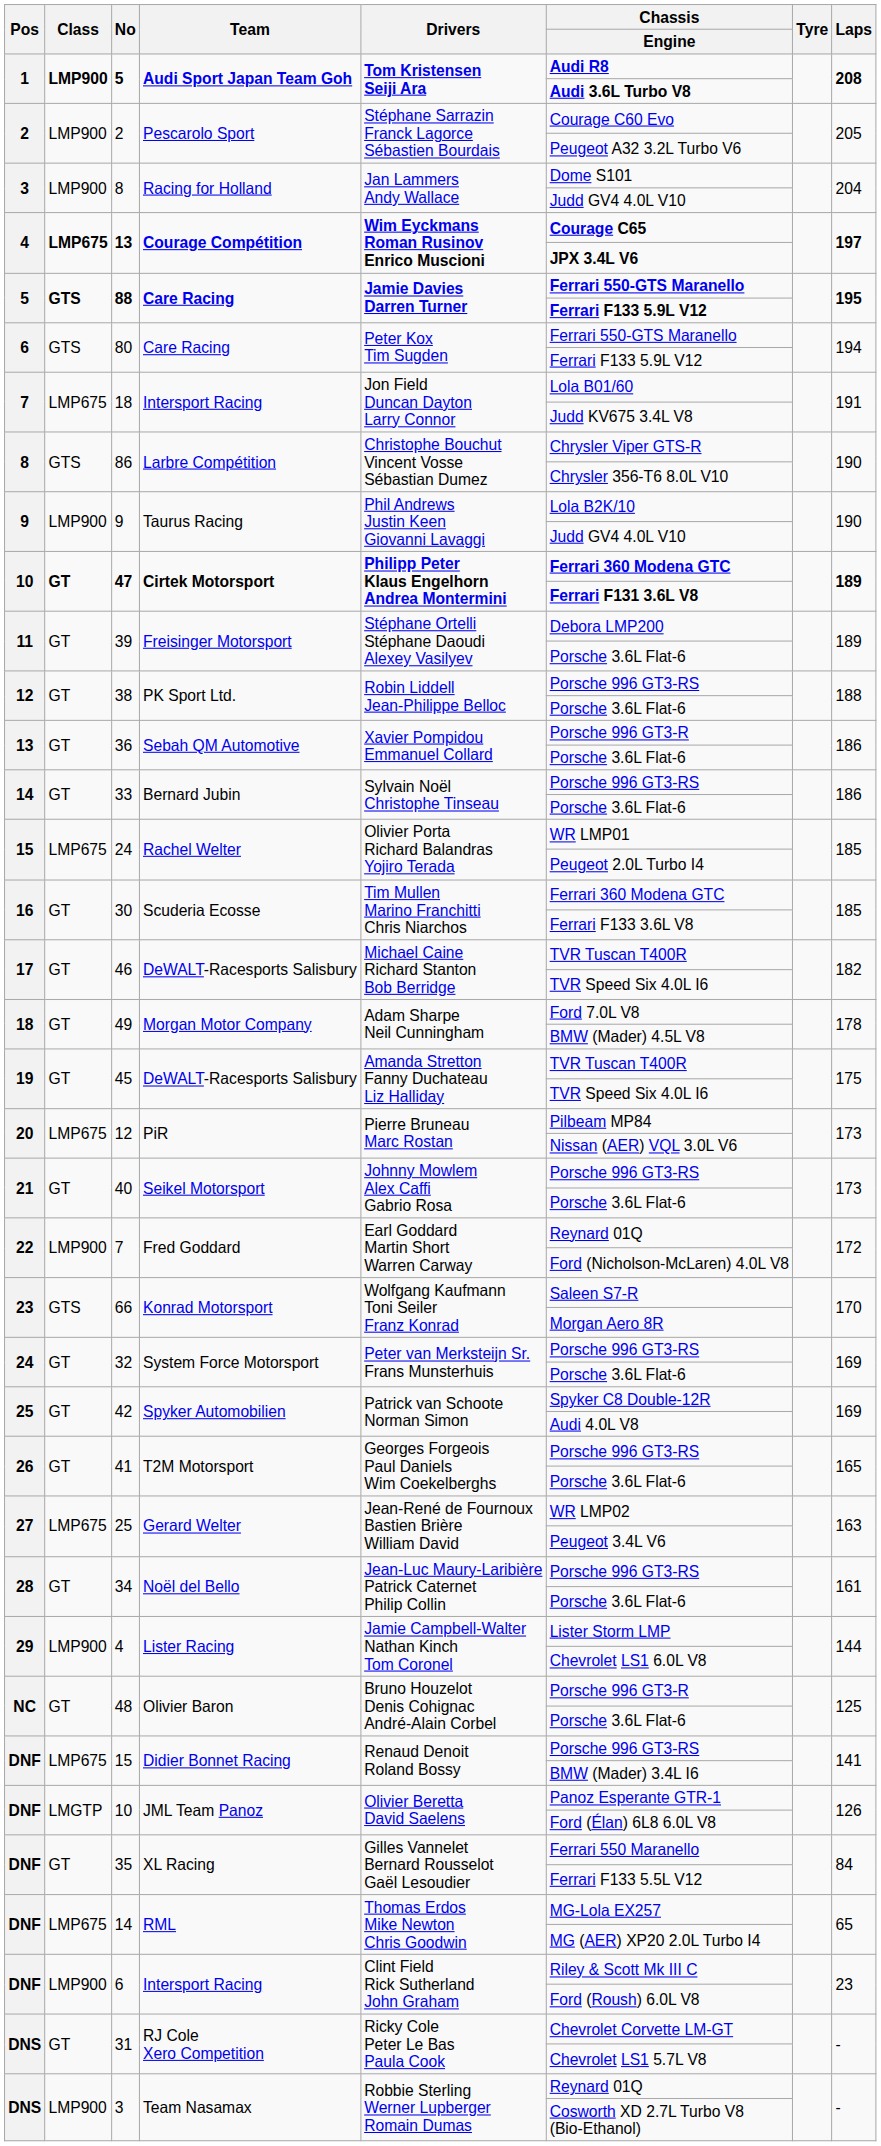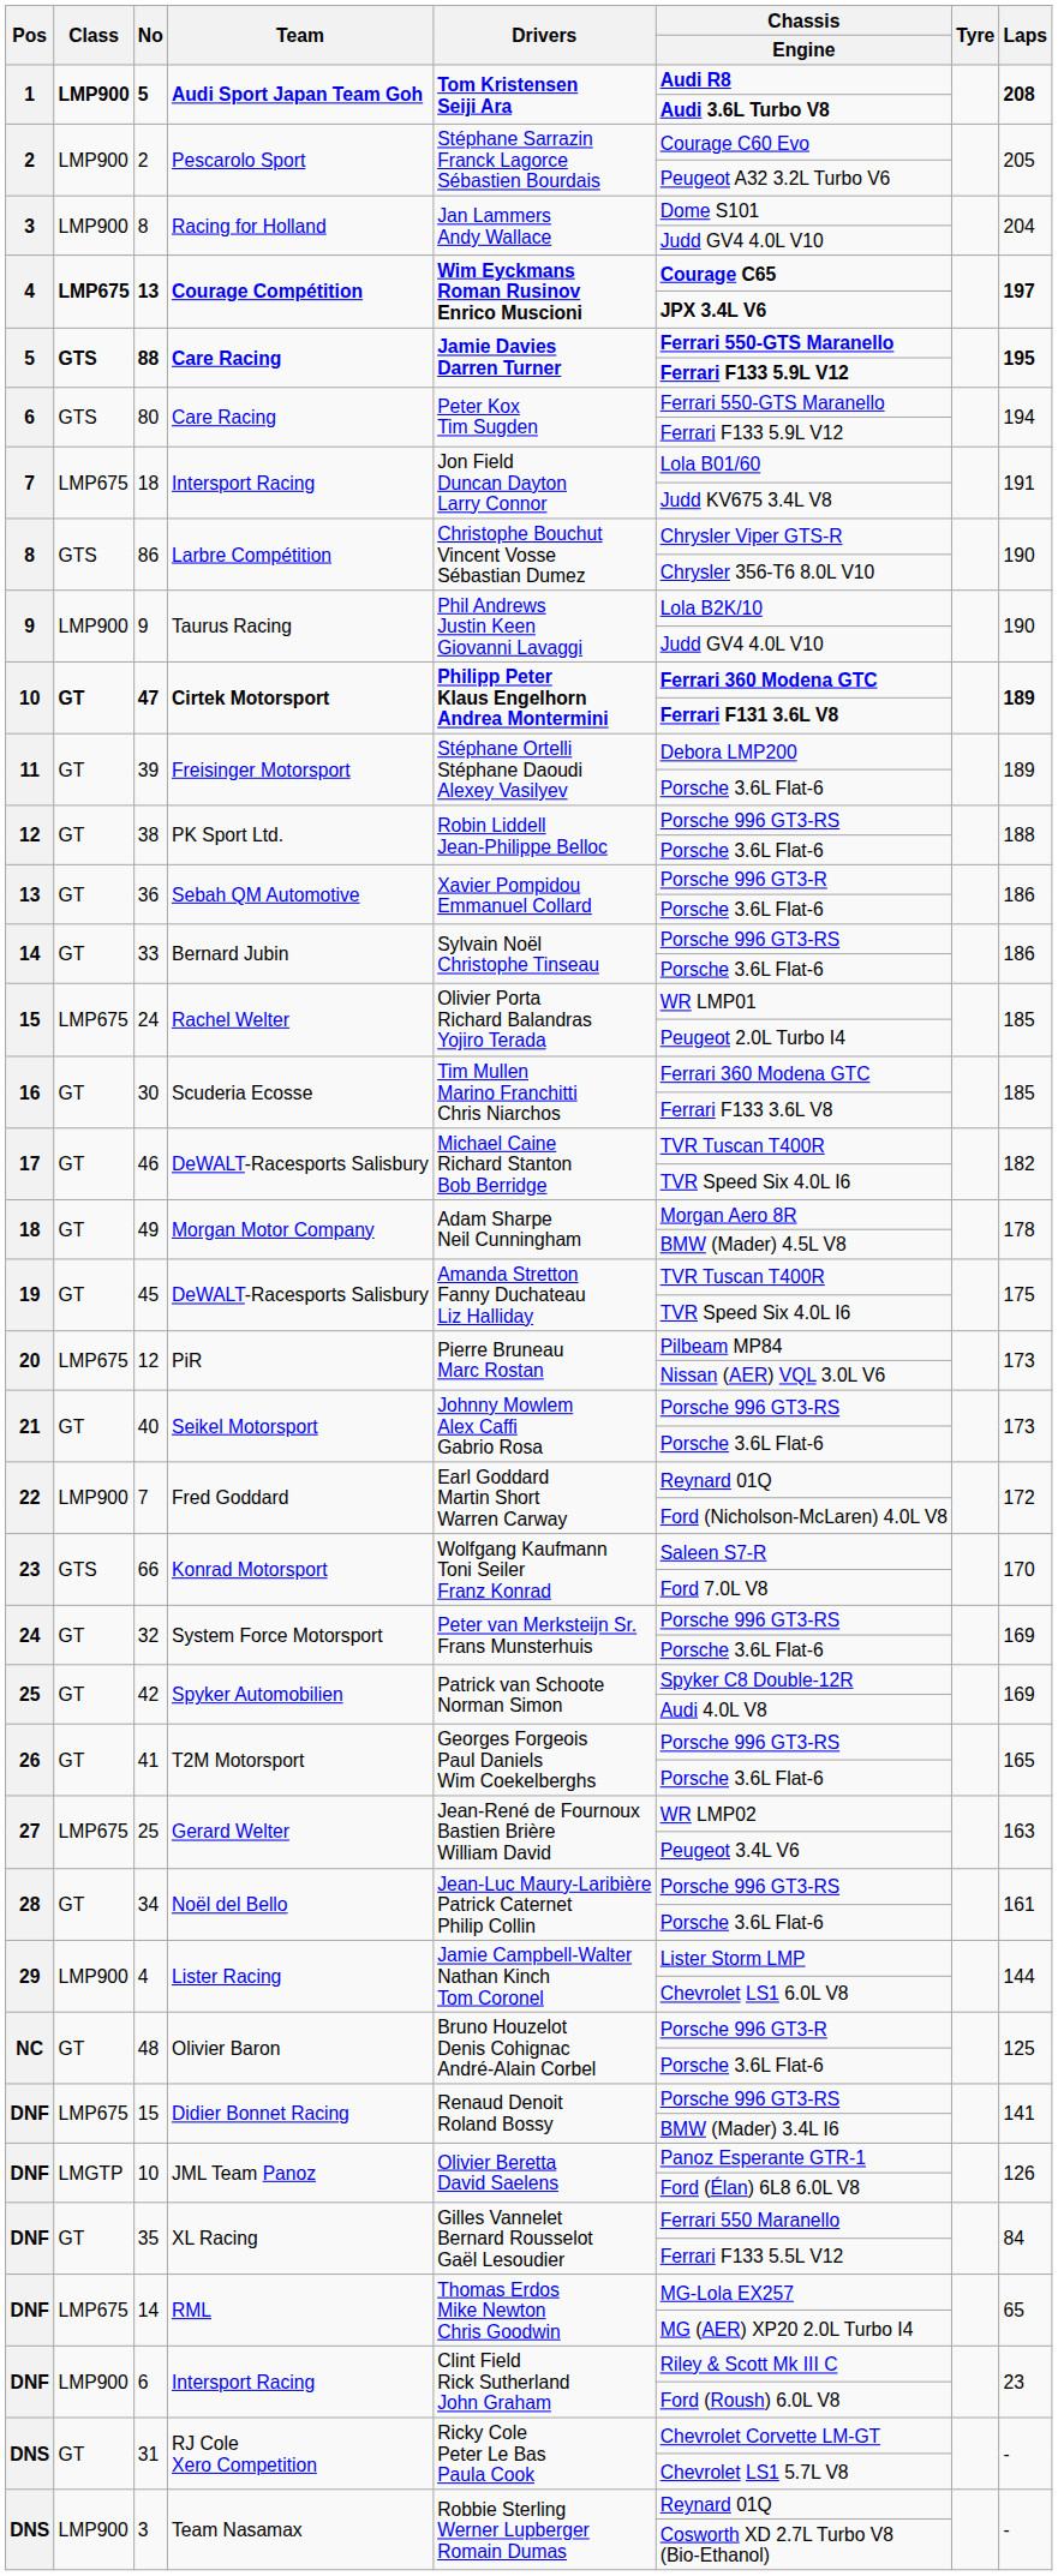 <table class="wikitable" style="font-size: 95%;">
 <tr>
 <th rowspan=2>Pos</th>
 <th rowspan=2>Class</th>
 <th rowspan=2>No</th>
 <th rowspan=2>Team</th>
 <th rowspan=2>Drivers</th>
 <th>Chassis</th>
 <th rowspan=2>Tyre</th>
 <th rowspan=2>Laps</th>
 </tr>
 <tr>
 <th>Engine</th>
 </tr>
 <tr style="font-weight:bold">
 <th rowspan=2>1</th>
 <td rowspan=2>LMP900</td>
 <td rowspan=2>5</td>
 <td rowspan=2> <a href='#'>Audi Sport Japan Team Goh</a></td>
 <td rowspan=2> <a href='#'>Tom Kristensen</a><br> <a href='#'>Seiji Ara</a></td>
 <td><a href='#'>Audi R8</a></td>
 <td rowspan=2></td>
 <td rowspan=2>208</td>
 </tr>
 <tr style="font-weight:bold">
 <td><a href='#'>Audi</a> 3.6L Turbo V8</td>
 </tr>
 <tr>
 <th rowspan=2>2</th>
 <td rowspan=2>LMP900</td>
 <td rowspan=2>2</td>
 <td rowspan=2> <a href='#'>Pescarolo Sport</a></td>
 <td rowspan=2> <a href='#'>Stéphane Sarrazin</a><br> <a href='#'>Franck Lagorce</a><br> <a href='#'>Sébastien Bourdais</a></td>
 <td><a href='#'>Courage C60 Evo</a></td>
 <td rowspan=2></td>
 <td rowspan=2>205</td>
 </tr>
 <tr>
 <td><a href='#'>Peugeot</a> A32 3.2L Turbo V6</td>
 </tr>
 <tr>
 <th rowspan=2>3</th>
 <td rowspan=2>LMP900</td>
 <td rowspan=2>8</td>
 <td rowspan=2> <a href='#'>Racing for Holland</a></td>
 <td rowspan=2> <a href='#'>Jan Lammers</a><br> <a href='#'>Andy Wallace</a></td>
 <td><a href='#'>Dome</a> S101</td>
 <td rowspan=2></td>
 <td rowspan=2>204</td>
 </tr>
 <tr>
 <td><a href='#'>Judd</a> GV4 4.0L V10</td>
 </tr>
 <tr style="font-weight:bold">
 <th rowspan=2>4</th>
 <td rowspan=2>LMP675</td>
 <td rowspan=2>13</td>
 <td rowspan=2> <a href='#'>Courage Compétition</a></td>
 <td rowspan=2> <a href='#'>Wim Eyckmans</a><br> <a href='#'>Roman Rusinov</a><br> Enrico Muscioni</td>
 <td><a href='#'>Courage</a> C65</td>
 <td rowspan=2></td>
 <td rowspan=2>197</td>
 </tr>
 <tr style="font-weight:bold">
 <td>JPX 3.4L V6</td>
 </tr>
 <tr style="font-weight:bold">
 <th rowspan=2>5</th>
 <td rowspan=2>GTS</td>
 <td rowspan=2>88</td>
 <td rowspan=2> <a href='#'>Care Racing</a></td>
 <td rowspan=2> <a href='#'>Jamie Davies</a><br> <a href='#'>Darren Turner</a></td>
 <td><a href='#'>Ferrari 550-GTS Maranello</a></td>
 <td rowspan=2></td>
 <td rowspan=2>195</td>
 </tr>
 <tr style="font-weight:bold">
 <td><a href='#'>Ferrari</a> F133 5.9L V12</td>
 </tr>
 <tr>
 <th rowspan=2>6</th>
 <td rowspan=2>GTS</td>
 <td rowspan=2>80</td>
 <td rowspan=2> <a href='#'>Care Racing</a></td>
 <td rowspan=2> <a href='#'>Peter Kox</a><br> <a href='#'>Tim Sugden</a></td>
 <td><a href='#'>Ferrari 550-GTS Maranello</a></td>
 <td rowspan=2></td>
 <td rowspan=2>194</td>
 </tr>
 <tr>
 <td><a href='#'>Ferrari</a> F133 5.9L V12</td>
 </tr>
 <tr>
 <th rowspan=2>7</th>
 <td rowspan=2>LMP675</td>
 <td rowspan=2>18</td>
 <td rowspan=2> <a href='#'>Intersport Racing</a></td>
 <td rowspan=2> Jon Field<br> <a href='#'>Duncan Dayton</a><br> <a href='#'>Larry Connor</a></td>
 <td><a href='#'>Lola B01/60</a></td>
 <td rowspan=2></td>
 <td rowspan=2>191</td>
 </tr>
 <tr>
 <td><a href='#'>Judd</a> KV675 3.4L V8</td>
 </tr>
 <tr>
 <th rowspan=2>8</th>
 <td rowspan=2>GTS</td>
 <td rowspan=2>86</td>
 <td rowspan=2> <a href='#'>Larbre Compétition</a></td>
 <td rowspan=2> <a href='#'>Christophe Bouchut</a><br> Vincent Vosse<br> Sébastian Dumez</td>
 <td><a href='#'>Chrysler Viper GTS-R</a></td>
 <td rowspan=2></td>
 <td rowspan=2>190</td>
 </tr>
 <tr>
 <td><a href='#'>Chrysler</a> 356-T6 8.0L V10</td>
 </tr>
 <tr>
 <th rowspan=2>9</th>
 <td rowspan=2>LMP900</td>
 <td rowspan=2>9</td>
 <td rowspan=2> Taurus Racing</td>
 <td rowspan=2> <a href='#'>Phil Andrews</a><br> <a href='#'>Justin Keen</a><br> <a href='#'>Giovanni Lavaggi</a></td>
 <td><a href='#'>Lola B2K/10</a></td>
 <td rowspan=2></td>
 <td rowspan=2>190</td>
 </tr>
 <tr>
 <td><a href='#'>Judd</a> GV4 4.0L V10</td>
 </tr>
 <tr style="font-weight:bold">
 <th rowspan=2>10</th>
 <td rowspan=2>GT</td>
 <td rowspan=2>47</td>
 <td rowspan=2> Cirtek Motorsport</td>
 <td rowspan=2> <a href='#'>Philipp Peter</a><br> Klaus Engelhorn<br> <a href='#'>Andrea Montermini</a></td>
 <td><a href='#'>Ferrari 360 Modena GTC</a></td>
 <td rowspan=2></td>
 <td rowspan=2>189</td>
 </tr>
 <tr style="font-weight:bold">
 <td><a href='#'>Ferrari</a> F131 3.6L V8</td>
 </tr>
 <tr>
 <th rowspan=2>11</th>
 <td rowspan=2>GT</td>
 <td rowspan=2>39</td>
 <td rowspan=2> <a href='#'>Freisinger Motorsport</a></td>
 <td rowspan=2> <a href='#'>Stéphane Ortelli</a><br> Stéphane Daoudi<br> <a href='#'>Alexey Vasilyev</a></td>
 <td><a href='#'>Debora LMP200</a></td>
 <td rowspan=2></td>
 <td rowspan=2>189</td>
 </tr>
 <tr>
 <td><a href='#'>Porsche</a> 3.6L Flat-6</td>
 </tr>
 <tr>
 <th rowspan=2>12</th>
 <td rowspan=2>GT</td>
 <td rowspan=2>38</td>
 <td rowspan=2> PK Sport Ltd.</td>
 <td rowspan=2> <a href='#'>Robin Liddell</a><br> <a href='#'>Jean-Philippe Belloc</a></td>
 <td><a href='#'>Porsche 996 GT3-RS</a></td>
 <td rowspan=2></td>
 <td rowspan=2>188</td>
 </tr>
 <tr>
 <td><a href='#'>Porsche</a> 3.6L Flat-6</td>
 </tr>
 <tr>
 <th rowspan=2>13</th>
 <td rowspan=2>GT</td>
 <td rowspan=2>36</td>
 <td rowspan=2> <a href='#'>Sebah QM Automotive</a></td>
 <td rowspan=2> <a href='#'>Xavier Pompidou</a><br> <a href='#'>Emmanuel Collard</a></td>
 <td><a href='#'>Porsche 996 GT3-R</a></td>
 <td rowspan=2></td>
 <td rowspan=2>186</td>
 </tr>
 <tr>
 <td><a href='#'>Porsche</a> 3.6L Flat-6</td>
 </tr>
 <tr>
 <th rowspan=2>14</th>
 <td rowspan=2>GT</td>
 <td rowspan=2>33</td>
 <td rowspan=2> Bernard Jubin</td>
 <td rowspan=2> Sylvain Noël<br> <a href='#'>Christophe Tinseau</a></td>
 <td><a href='#'>Porsche 996 GT3-RS</a></td>
 <td rowspan=2></td>
 <td rowspan=2>186</td>
 </tr>
 <tr>
 <td><a href='#'>Porsche</a> 3.6L Flat-6</td>
 </tr>
 <tr>
 <th rowspan=2>15</th>
 <td rowspan=2>LMP675</td>
 <td rowspan=2>24</td>
 <td rowspan=2> <a href='#'>Rachel Welter</a></td>
 <td rowspan=2> Olivier Porta<br> Richard Balandras<br> <a href='#'>Yojiro Terada</a></td>
 <td><a href='#'>WR</a> LMP01</td>
 <td rowspan=2></td>
 <td rowspan=2>185</td>
 </tr>
 <tr>
 <td><a href='#'>Peugeot</a> 2.0L Turbo I4</td>
 </tr>
 <tr>
 <th rowspan=2>16</th>
 <td rowspan=2>GT</td>
 <td rowspan=2>30</td>
 <td rowspan=2> Scuderia Ecosse</td>
 <td rowspan=2> <a href='#'>Tim Mullen</a><br> <a href='#'>Marino Franchitti</a><br> Chris Niarchos</td>
 <td><a href='#'>Ferrari 360 Modena GTC</a></td>
 <td rowspan=2></td>
 <td rowspan=2>185</td>
 </tr>
 <tr>
 <td><a href='#'>Ferrari</a> F133 3.6L V8</td>
 </tr>
 <tr>
 <th rowspan=2>17</th>
 <td rowspan=2>GT</td>
 <td rowspan=2>46</td>
 <td rowspan=2> <a href='#'>DeWALT</a>-Racesports Salisbury</td>
 <td rowspan=2> <a href='#'>Michael Caine</a><br> Richard Stanton<br> <a href='#'>Bob Berridge</a></td>
 <td><a href='#'>TVR Tuscan T400R</a></td>
 <td rowspan=2></td>
 <td rowspan=2>182</td>
 </tr>
 <tr>
 <td><a href='#'>TVR</a> Speed Six 4.0L I6</td>
 </tr>
 <tr>
 <th rowspan=2>18</th>
 <td rowspan=2>GT</td>
 <td rowspan=2>49</td>
 <td rowspan=2> <a href='#'>Morgan Motor Company</a></td>
 <td rowspan=2> Adam Sharpe<br> Neil Cunningham</td>
-<td><a href='#'>Ford</a> 7.0L V8</td>
+<td><a href='#'>Morgan Aero 8R</a></td>
 <td rowspan=2></td>
 <td rowspan=2>178</td>
 </tr>
 <tr>
 <td><a href='#'>BMW</a> (Mader) 4.5L V8</td>
 </tr>
 <tr>
 <th rowspan=2>19</th>
 <td rowspan=2>GT</td>
 <td rowspan=2>45</td>
 <td rowspan=2> <a href='#'>DeWALT</a>-Racesports Salisbury</td>
 <td rowspan=2> <a href='#'>Amanda Stretton</a><br> Fanny Duchateau<br> <a href='#'>Liz Halliday</a></td>
 <td><a href='#'>TVR Tuscan T400R</a></td>
 <td rowspan=2></td>
 <td rowspan=2>175</td>
 </tr>
 <tr>
 <td><a href='#'>TVR</a> Speed Six 4.0L I6</td>
 </tr>
 <tr>
 <th rowspan=2>20</th>
 <td rowspan=2>LMP675</td>
 <td rowspan=2>12</td>
 <td rowspan=2> PiR</td>
 <td rowspan=2> Pierre Bruneau<br> <a href='#'>Marc Rostan</a></td>
 <td><a href='#'>Pilbeam</a> MP84</td>
 <td rowspan=2></td>
 <td rowspan=2>173</td>
 </tr>
 <tr>
 <td><a href='#'>Nissan</a> (<a href='#'>AER</a>) <a href='#'>VQL</a> 3.0L V6</td>
 </tr>
 <tr>
 <th rowspan=2>21</th>
 <td rowspan=2>GT</td>
 <td rowspan=2>40</td>
 <td rowspan=2> <a href='#'>Seikel Motorsport</a></td>
 <td rowspan=2> <a href='#'>Johnny Mowlem</a><br> <a href='#'>Alex Caffi</a><br> Gabrio Rosa</td>
 <td><a href='#'>Porsche 996 GT3-RS</a></td>
 <td rowspan=2></td>
 <td rowspan=2>173</td>
 </tr>
 <tr>
 <td><a href='#'>Porsche</a> 3.6L Flat-6</td>
 </tr>
 <tr>
 <th rowspan=2>22</th>
 <td rowspan=2>LMP900</td>
 <td rowspan=2>7</td>
 <td rowspan=2> Fred Goddard</td>
 <td rowspan=2> Earl Goddard<br> Martin Short<br> Warren Carway</td>
 <td><a href='#'>Reynard</a> 01Q</td>
 <td rowspan=2></td>
 <td rowspan=2>172</td>
 </tr>
 <tr>
 <td><a href='#'>Ford</a> (Nicholson-McLaren) 4.0L V8</td>
 </tr>
 <tr>
 <th rowspan=2>23</th>
 <td rowspan=2>GTS</td>
 <td rowspan=2>66</td>
 <td rowspan=2> <a href='#'>Konrad Motorsport</a></td>
 <td rowspan=2> Wolfgang Kaufmann<br> Toni Seiler<br> <a href='#'>Franz Konrad</a></td>
 <td><a href='#'>Saleen S7-R</a></td>
 <td rowspan=2></td>
 <td rowspan=2>170</td>
 </tr>
 <tr>
-<td><a href='#'>Morgan Aero 8R</a></td>
+<td><a href='#'>Ford</a> 7.0L V8</td>
 </tr>
 <tr>
 <th rowspan=2>24</th>
 <td rowspan=2>GT</td>
 <td rowspan=2>32</td>
 <td rowspan=2> System Force Motorsport</td>
 <td rowspan=2> <a href='#'>Peter van Merksteijn Sr.</a><br> Frans Munsterhuis</td>
 <td><a href='#'>Porsche 996 GT3-RS</a></td>
 <td rowspan=2></td>
 <td rowspan=2>169</td>
 </tr>
 <tr>
 <td><a href='#'>Porsche</a> 3.6L Flat-6</td>
 </tr>
 <tr>
 <th rowspan=2>25</th>
 <td rowspan=2>GT</td>
 <td rowspan=2>42</td>
 <td rowspan=2> <a href='#'>Spyker Automobilien</a></td>
 <td rowspan=2> Patrick van Schoote<br> Norman Simon</td>
 <td><a href='#'>Spyker C8 Double-12R</a></td>
 <td rowspan=2></td>
 <td rowspan=2>169</td>
 </tr>
 <tr>
 <td><a href='#'>Audi</a> 4.0L V8</td>
 </tr>
 <tr>
 <th rowspan=2>26</th>
 <td rowspan=2>GT</td>
 <td rowspan=2>41</td>
 <td rowspan=2> T2M Motorsport</td>
 <td rowspan=2> Georges Forgeois<br> Paul Daniels<br> Wim Coekelberghs</td>
 <td><a href='#'>Porsche 996 GT3-RS</a></td>
 <td rowspan=2></td>
 <td rowspan=2>165</td>
 </tr>
 <tr>
 <td><a href='#'>Porsche</a> 3.6L Flat-6</td>
 </tr>
 <tr>
 <th rowspan=2>27</th>
 <td rowspan=2>LMP675</td>
 <td rowspan=2>25</td>
 <td rowspan=2> <a href='#'>Gerard Welter</a></td>
 <td rowspan=2> Jean-René de Fournoux<br> Bastien Brière<br> William David</td>
 <td><a href='#'>WR</a> LMP02</td>
 <td rowspan=2></td>
 <td rowspan=2>163</td>
 </tr>
 <tr>
 <td><a href='#'>Peugeot</a> 3.4L V6</td>
 </tr>
 <tr>
 <th rowspan=2>28</th>
 <td rowspan=2>GT</td>
 <td rowspan=2>34</td>
 <td rowspan=2> <a href='#'>Noël del Bello</a></td>
 <td rowspan=2> <a href='#'>Jean-Luc Maury-Laribière</a><br> Patrick Caternet<br> Philip Collin</td>
 <td><a href='#'>Porsche 996 GT3-RS</a></td>
 <td rowspan=2></td>
 <td rowspan=2>161</td>
 </tr>
 <tr>
 <td><a href='#'>Porsche</a> 3.6L Flat-6</td>
 </tr>
 <tr>
 <th rowspan=2>29</th>
 <td rowspan=2>LMP900</td>
 <td rowspan=2>4</td>
 <td rowspan=2> <a href='#'>Lister Racing</a></td>
 <td rowspan=2> <a href='#'>Jamie Campbell-Walter</a><br> Nathan Kinch<br> <a href='#'>Tom Coronel</a></td>
 <td><a href='#'>Lister Storm LMP</a></td>
 <td rowspan=2></td>
 <td rowspan=2>144</td>
 </tr>
 <tr>
 <td><a href='#'>Chevrolet</a> <a href='#'>LS1</a> 6.0L V8</td>
 </tr>
 <tr>
 <th rowspan=2>NC</th>
 <td rowspan=2>GT</td>
 <td rowspan=2>48</td>
 <td rowspan=2> Olivier Baron</td>
 <td rowspan=2> Bruno Houzelot<br> Denis Cohignac<br> André-Alain Corbel</td>
 <td><a href='#'>Porsche 996 GT3-R</a></td>
 <td rowspan=2></td>
 <td rowspan=2>125</td>
 </tr>
 <tr>
 <td><a href='#'>Porsche</a> 3.6L Flat-6</td>
 </tr>
 <tr>
 <th rowspan=2>DNF</th>
 <td rowspan=2>LMP675</td>
 <td rowspan=2>15</td>
 <td rowspan=2> <a href='#'>Didier Bonnet Racing</a></td>
 <td rowspan=2> Renaud Denoit<br> Roland Bossy</td>
 <td><a href='#'>Porsche 996 GT3-RS</a></td>
 <td rowspan=2></td>
 <td rowspan=2>141</td>
 </tr>
 <tr>
 <td><a href='#'>BMW</a> (Mader) 3.4L I6</td>
 </tr>
 <tr>
 <th rowspan=2>DNF</th>
 <td rowspan=2>LMGTP</td>
 <td rowspan=2>10</td>
 <td rowspan=2> JML Team <a href='#'>Panoz</a></td>
 <td rowspan=2> <a href='#'>Olivier Beretta</a><br> <a href='#'>David Saelens</a></td>
 <td><a href='#'>Panoz Esperante GTR-1</a></td>
 <td rowspan=2></td>
 <td rowspan=2>126</td>
 </tr>
 <tr>
 <td><a href='#'>Ford</a> (<a href='#'>Élan</a>) 6L8 6.0L V8</td>
 </tr>
 <tr>
 <th rowspan=2>DNF</th>
 <td rowspan=2>GT</td>
 <td rowspan=2>35</td>
 <td rowspan=2> XL Racing</td>
 <td rowspan=2> Gilles Vannelet<br> Bernard Rousselot<br> Gaël Lesoudier</td>
 <td><a href='#'>Ferrari 550 Maranello</a></td>
 <td rowspan=2></td>
 <td rowspan=2>84</td>
 </tr>
 <tr>
 <td><a href='#'>Ferrari</a> F133 5.5L V12</td>
 </tr>
 <tr>
 <th rowspan=2>DNF</th>
 <td rowspan=2>LMP675</td>
 <td rowspan=2>14</td>
 <td rowspan=2> <a href='#'>RML</a></td>
 <td rowspan=2> <a href='#'>Thomas Erdos</a><br> <a href='#'>Mike Newton</a><br> <a href='#'>Chris Goodwin</a></td>
 <td><a href='#'>MG-Lola EX257</a></td>
 <td rowspan=2></td>
 <td rowspan=2>65</td>
 </tr>
 <tr>
 <td><a href='#'>MG</a> (<a href='#'>AER</a>) XP20 2.0L Turbo I4</td>
 </tr>
 <tr>
 <th rowspan=2>DNF</th>
 <td rowspan=2>LMP900</td>
 <td rowspan=2>6</td>
 <td rowspan=2> <a href='#'>Intersport Racing</a></td>
 <td rowspan=2> Clint Field<br> Rick Sutherland<br> <a href='#'>John Graham</a></td>
 <td><a href='#'>Riley & Scott Mk III C</a></td>
 <td rowspan=2></td>
 <td rowspan=2>23</td>
 </tr>
 <tr>
 <td><a href='#'>Ford</a> (<a href='#'>Roush</a>) 6.0L V8</td>
 </tr>
 <tr>
 <th rowspan=2>DNS</th>
 <td rowspan=2>GT</td>
 <td rowspan=2>31</td>
 <td rowspan=2> RJ Cole<br> <a href='#'>Xero Competition</a></td>
 <td rowspan=2> Ricky Cole<br> Peter Le Bas<br> <a href='#'>Paula Cook</a></td>
 <td><a href='#'>Chevrolet Corvette LM-GT</a></td>
 <td rowspan=2></td>
 <td rowspan=2>-</td>
 </tr>
 <tr>
 <td><a href='#'>Chevrolet</a> <a href='#'>LS1</a> 5.7L V8</td>
 </tr>
 <tr>
 <th rowspan=2>DNS</th>
 <td rowspan=2>LMP900</td>
 <td rowspan=2>3</td>
 <td rowspan=2> Team Nasamax</td>
 <td rowspan=2> Robbie Sterling<br> <a href='#'>Werner Lupberger</a><br> <a href='#'>Romain Dumas</a></td>
 <td><a href='#'>Reynard</a> 01Q</td>
 <td rowspan=2></td>
 <td rowspan=2>-</td>
 </tr>
 <tr>
 <td><a href='#'>Cosworth</a> XD 2.7L Turbo V8<br>(Bio-Ethanol)</td>
 </tr>
 </table>
